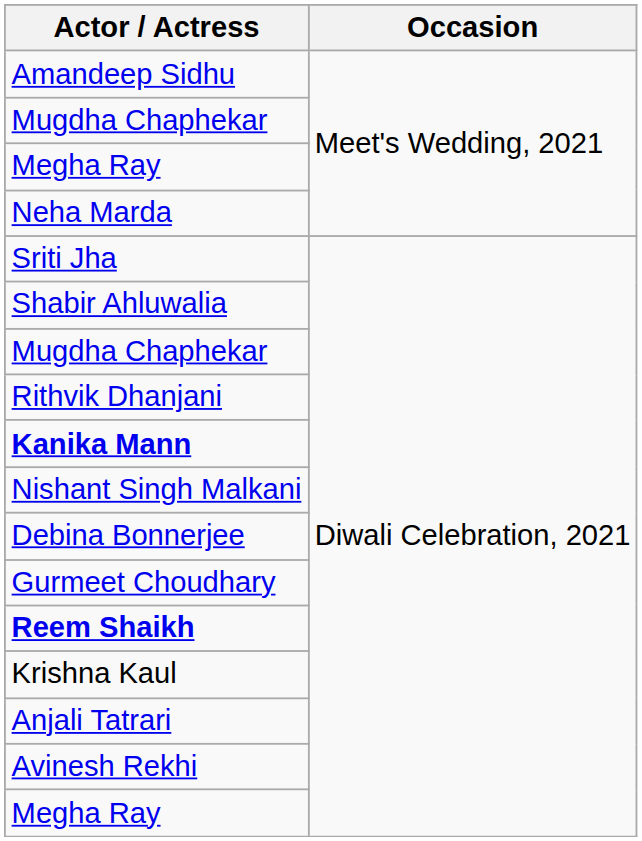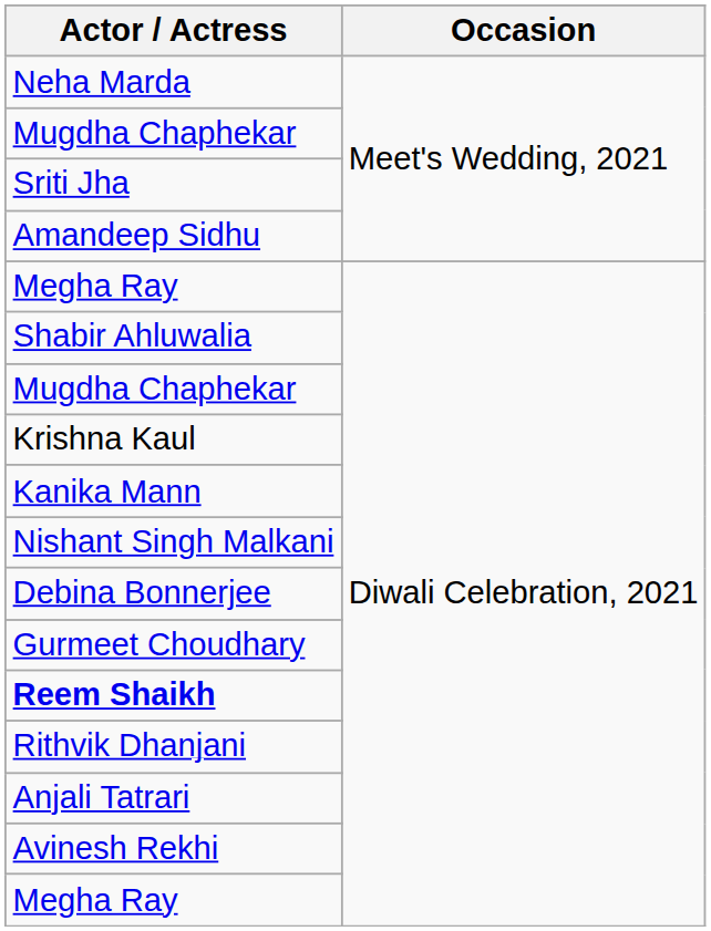 <table class="wikitable sortable">
 <tr>
 <th>Actor / Actress</th>
 <th>Occasion</th>
 </tr>
 <tr>
-<td><a href='#'>Amandeep Sidhu</a></td>
+<td><a href='#'>Neha Marda</a></td>
 <td rowspan="4">Meet's Wedding, 2021</td>
 </tr>
 <tr>
 <td><a href='#'>Mugdha Chaphekar</a></td>
 </tr>
 <tr>
-<td><a href='#'>Megha Ray</a></td>
+<td><a href='#'>Sriti Jha</a></td>
 </tr>
 <tr>
-<td><a href='#'>Neha Marda</a></td>
+<td><a href='#'>Amandeep Sidhu</a></td>
 </tr>
 <tr>
-<td><a href='#'>Sriti Jha</a></td>
+<td><a href='#'>Megha Ray</a></td>
 <td rowspan="13">Diwali Celebration, 2021</td>
 </tr>
 <tr>
 <td><a href='#'>Shabir Ahluwalia</a></td>
 </tr>
 <tr>
 <td><a href='#'>Mugdha Chaphekar</a></td>
 </tr>
 <tr>
-<td><a href='#'>Rithvik Dhanjani</a></td>
+<td>Krishna Kaul</td>
 </tr>
 <tr>
-<td><strong><a href='#'>Kanika Mann</a></strong></td>
+<td><a href='#'>Kanika Mann</a></td>
 </tr>
 <tr>
 <td><a href='#'>Nishant Singh Malkani</a></td>
 </tr>
 <tr>
 <td><a href='#'>Debina Bonnerjee</a></td>
 </tr>
 <tr>
 <td><a href='#'>Gurmeet Choudhary</a></td>
 </tr>
 <tr>
 <td><strong><a href='#'>Reem Shaikh</a></strong></td>
 </tr>
 <tr>
-<td>Krishna Kaul</td>
+<td><a href='#'>Rithvik Dhanjani</a></td>
 </tr>
 <tr>
 <td><a href='#'>Anjali Tatrari</a></td>
 </tr>
 <tr>
 <td><a href='#'>Avinesh Rekhi</a></td>
 </tr>
 <tr>
 <td><a href='#'>Megha Ray</a></td>
 </tr>
 </table>
